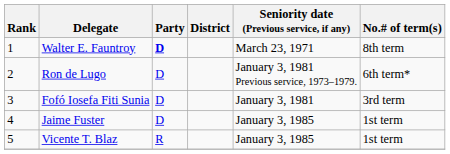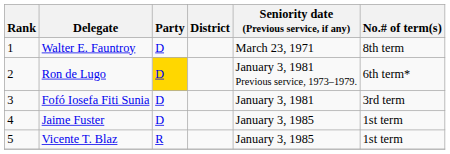 <table class="wikitable sortable">
 <tr valign=bottom>
 <th>Rank</th>
 <th>Delegate</th>
 <th>Party</th>
 <th>District</th>
 <th>Seniority date<br><small>(Previous service, if any)</small><br></th>
 <th>No.# of term(s)</th>
 </tr>
 <tr>
 <td>1</td>
 <td><a href='#'>Walter E. Fauntroy</a></td>
-<td><strong><a href='#'>D</a></strong></td>
+<td><a href='#'>D</a></td>
 <td></td>
 <td>March 23, 1971</td>
 <td>8th term</td>
 </tr>
 <tr>
 <td>2</td>
 <td><a href='#'>Ron de Lugo</a></td>
-<td><a href='#'>D</a></td>
+<td style="background: gold;"><a href='#'>D</a></td>
 <td></td>
 <td>January 3, 1981<br><small>Previous service, 1973–1979. </small></td>
 <td>6th term*</td>
 </tr>
 <tr>
 <td>3</td>
 <td><a href='#'>Fofó Iosefa Fiti Sunia</a></td>
 <td><a href='#'>D</a></td>
 <td></td>
 <td>January 3, 1981</td>
 <td>3rd term</td>
 </tr>
 <tr>
 <td>4</td>
 <td><a href='#'>Jaime Fuster</a></td>
 <td><a href='#'>D</a></td>
 <td></td>
 <td>January 3, 1985</td>
 <td>1st term</td>
 </tr>
 <tr>
 <td>5</td>
 <td><a href='#'>Vicente T. Blaz</a></td>
 <td><a href='#'>R</a></td>
 <td></td>
 <td>January 3, 1985</td>
 <td>1st term</td>
 </tr>
 <tr>
 </tr>
 </table>
